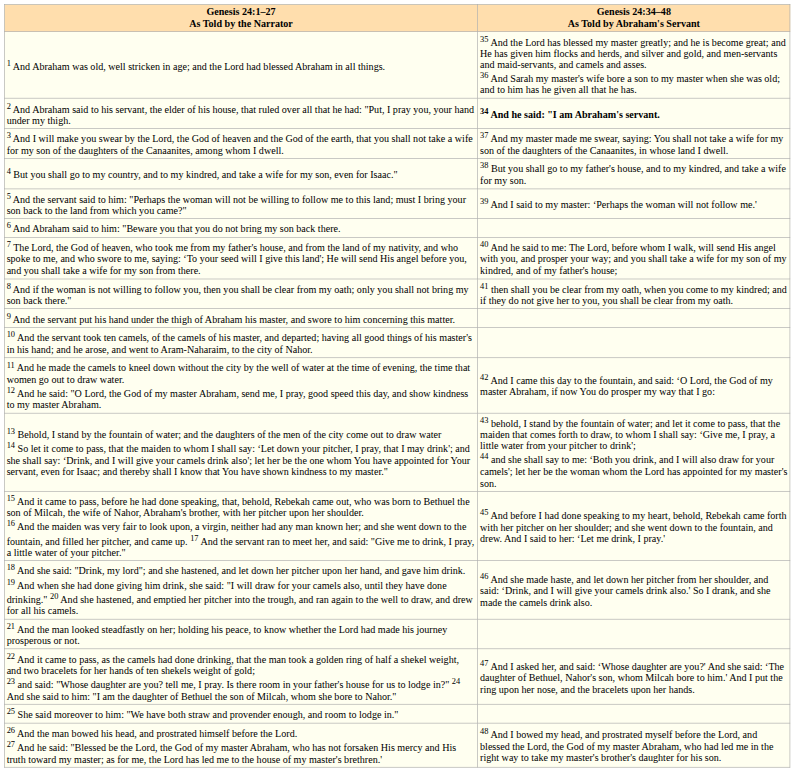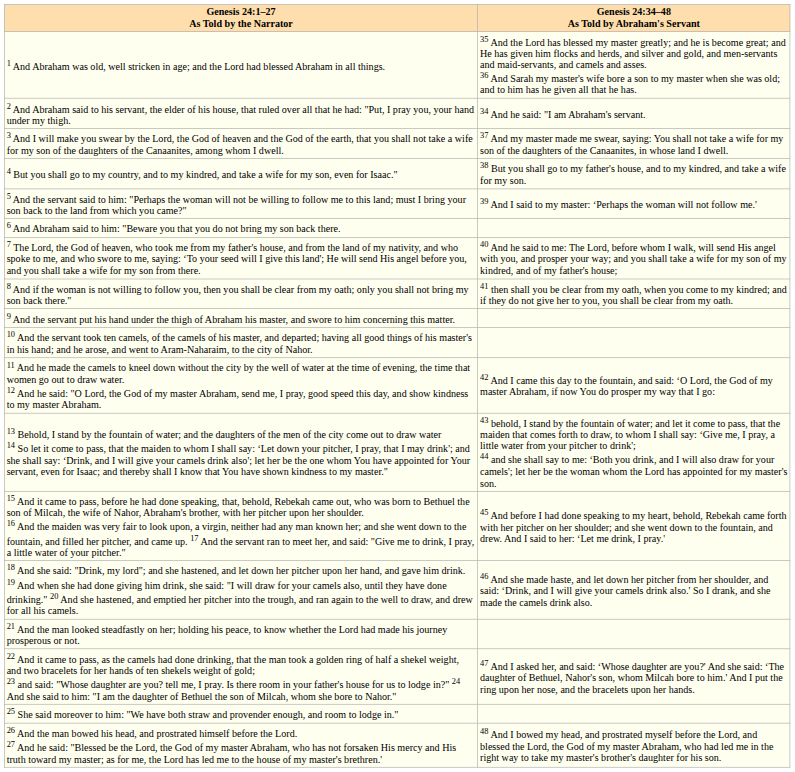 <table class="wikitable" style="background:Ivory;">
 <tr>
 <th style="background:Navajowhite;">Genesis 24:1–27<br>As Told by the Narrator</th>
 <th style="background:Navajowhite;">Genesis 24:34–48<br>As Told by Abraham's Servant</th>
 </tr>
 <tr>
 <td><sup>1</sup> And Abraham was old, well stricken in age; and the Lord had blessed Abraham in all things.</td>
 <td><sup>35</sup> And the Lord has blessed my master greatly; and he is become great; and He has given him flocks and herds, and silver and gold, and men-servants and maid-servants, and camels and asses.<br><sup>36</sup> And Sarah my master's wife bore a son to my master when she was old; and to him has he given all that he has.</td>
 </tr>
 <tr>
 <td><sup>2</sup> And Abraham said to his servant, the elder of his house, that ruled over all that he had: "Put, I pray you, your hand under my thigh.</td>
-<td><strong><sup>34</sup> And he said: "I am Abraham's servant.</strong></td>
+<td><sup>34</sup> And he said: "I am Abraham's servant.</td>
 </tr>
 <tr>
 <td><sup>3</sup> And I will make you swear by the Lord, the God of heaven and the God of the earth, that you shall not take a wife for my son of the daughters of the Canaanites, among whom I dwell.</td>
 <td><sup>37</sup> And my master made me swear, saying: You shall not take a wife for my son of the daughters of the Canaanites, in whose land I dwell.</td>
 </tr>
 <tr>
 <td><sup>4</sup> But you shall go to my country, and to my kindred, and take a wife for my son, even for Isaac."</td>
 <td><sup>38</sup> But you shall go to my father's house, and to my kindred, and take a wife for my son.</td>
 </tr>
 <tr>
 <td><sup>5</sup> And the servant said to him: "Perhaps the woman will not be willing to follow me to this land; must I bring your son back to the land from which you came?"</td>
 <td><sup>39</sup> And I said to my master: ‘Perhaps the woman will not follow me.'</td>
 </tr>
 <tr>
 <td><sup>6</sup> And Abraham said to him: "Beware you that you do not bring my son back there.</td>
 <td></td>
 </tr>
 <tr>
 <td><sup>7</sup> The Lord, the God of heaven, who took me from my father's house, and from the land of my nativity, and who spoke to me, and who swore to me, saying: ‘To your seed will I give this land'; He will send His angel before you, and you shall take a wife for my son from there.</td>
 <td><sup>40</sup> And he said to me: The Lord, before whom I walk, will send His angel with you, and prosper your way; and you shall take a wife for my son of my kindred, and of my father's house;</td>
 </tr>
 <tr>
 <td><sup>8</sup> And if the woman is not willing to follow you, then you shall be clear from my oath; only you shall not bring my son back there."</td>
 <td><sup>41</sup> then shall you be clear from my oath, when you come to my kindred; and if they do not give her to you, you shall be clear from my oath.</td>
 </tr>
 <tr>
 <td><sup>9</sup> And the servant put his hand under the thigh of Abraham his master, and swore to him concerning this matter.</td>
 <td></td>
 </tr>
 <tr>
 <td><sup>10</sup> And the servant took ten camels, of the camels of his master, and departed; having all good things of his master's in his hand; and he arose, and went to Aram-Naharaim, to the city of Nahor.</td>
 <td></td>
 </tr>
 <tr>
 <td><sup>11</sup> And he made the camels to kneel down without the city by the well of water at the time of evening, the time that women go out to draw water.<br><sup>12</sup> And he said: "O Lord, the God of my master Abraham, send me, I pray, good speed this day, and show kindness to my master Abraham.</td>
 <td><sup>42</sup> And I came this day to the fountain, and said: ‘O Lord, the God of my master Abraham, if now You do prosper my way that I go:</td>
 </tr>
 <tr>
 <td><sup>13</sup> Behold, I stand by the fountain of water; and the daughters of the men of the city come out to draw water<br><sup>14</sup> So let it come to pass, that the maiden to whom I shall say: ‘Let down your pitcher, I pray, that I may drink'; and she shall say: ‘Drink, and I will give your camels drink also'; let her be the one whom You have appointed for Your servant, even for Isaac; and thereby shall I know that You have shown kindness to my master."</td>
 <td><sup>43</sup> behold, I stand by the fountain of water; and let it come to pass, that the maiden that comes forth to draw, to whom I shall say: ‘Give me, I pray, a little water from your pitcher to drink';<br><sup>44</sup> and she shall say to me: ‘Both you drink, and I will also draw for your camels'; let her be the woman whom the Lord has appointed for my master's son.</td>
 </tr>
 <tr>
 <td><sup>15</sup> And it came to pass, before he had done speaking, that, behold, Rebekah came out, who was born to Bethuel the son of Milcah, the wife of Nahor, Abraham's brother, with her pitcher upon her shoulder.<br><sup>16</sup> And the maiden was very fair to look upon, a virgin, neither had any man known her; and she went down to the fountain, and filled her pitcher, and came up. <sup>17</sup> And the servant ran to meet her, and said: "Give me to drink, I pray, a little water of your pitcher."</td>
 <td><sup>45</sup> And before I had done speaking to my heart, behold, Rebekah came forth with her pitcher on her shoulder; and she went down to the fountain, and drew. And I said to her: ‘Let me drink, I pray.'</td>
 </tr>
 <tr>
 <td><sup>18</sup> And she said: "Drink, my lord"; and she hastened, and let down her pitcher upon her hand, and gave him drink.<br><sup>19</sup> And when she had done giving him drink, she said: "I will draw for your camels also, until they have done drinking." <sup>20</sup> And she hastened, and emptied her pitcher into the trough, and ran again to the well to draw, and drew for all his camels.</td>
 <td><sup>46</sup> And she made haste, and let down her pitcher from her shoulder, and said: ‘Drink, and I will give your camels drink also.' So I drank, and she made the camels drink also.</td>
 </tr>
 <tr>
 <td><sup>21</sup> And the man looked steadfastly on her; holding his peace, to know whether the Lord had made his journey prosperous or not.</td>
 <td></td>
 </tr>
 <tr>
 <td><sup>22</sup> And it came to pass, as the camels had done drinking, that the man took a golden ring of half a shekel weight, and two bracelets for her hands of ten shekels weight of gold;<br><sup>23</sup> and said: "Whose daughter are you? tell me, I pray. Is there room in your father's house for us to lodge in?" <sup>24</sup> And she said to him: "I am the daughter of Bethuel the son of Milcah, whom she bore to Nahor."</td>
 <td><sup>47</sup> And I asked her, and said: ‘Whose daughter are you?' And she said: ‘The daughter of Bethuel, Nahor's son, whom Milcah bore to him.' And I put the ring upon her nose, and the bracelets upon her hands.</td>
 </tr>
 <tr>
 <td><sup>25</sup> She said moreover to him: "We have both straw and provender enough, and room to lodge in."</td>
 <td></td>
 </tr>
 <tr>
 <td><sup>26</sup> And the man bowed his head, and prostrated himself before the Lord.<br><sup>27</sup> And he said: "Blessed be the Lord, the God of my master Abraham, who has not forsaken His mercy and His truth toward my master; as for me, the Lord has led me to the house of my master's brethren.'</td>
 <td><sup>48</sup> And I bowed my head, and prostrated myself before the Lord, and blessed the Lord, the God of my master Abraham, who had led me in the right way to take my master's brother's daughter for his son.</td>
 </tr>
 </table>
